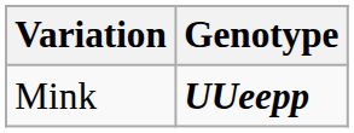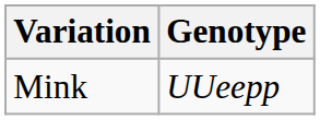 <table class="wikitable" style="margin:1em auto;">
 <tr>
 <th>Variation</th>
 <th>Genotype</th>
 </tr>
 <tr>
 <td>Mink</td>
-<td><strong><em>UUeepp</em></strong></td>
+<td><em>UUeepp</em></td>
 </tr>
 </table>
